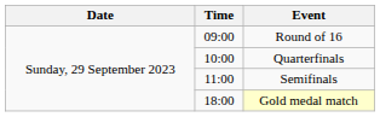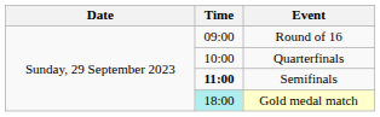 <table class = "wikitable" style="text-align:center;">
 <tr>
 <th width=220>Date</th>
 <th width=50>Time</th>
 <th width=150>Event</th>
 </tr>
 <tr>
 <td rowspan=4>Sunday, 29 September 2023</td>
 <td>09:00</td>
 <td>Round of 16</td>
 </tr>
 <tr>
 <td>10:00</td>
 <td>Quarterfinals</td>
 </tr>
 <tr>
-<td>11:00</td>
+<td><strong>11:00</strong></td>
 <td>Semifinals</td>
 </tr>
 <tr>
-<td>18:00</td>
+<td style="background: paleturquoise;">18:00</td>
 <td bgcolor=ffffcc>Gold medal match</td>
 </tr>
 </table>
